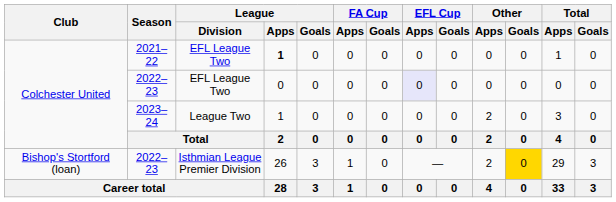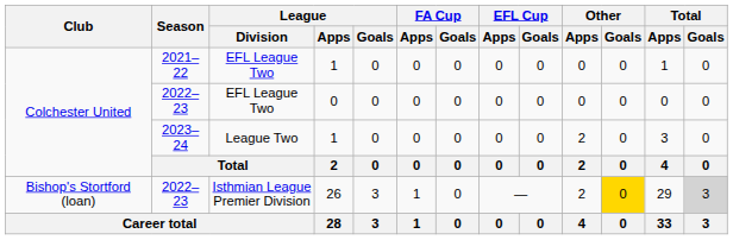 <table class="wikitable" style="text-align:center;">
 <tr>
 <th rowspan="2">Club</th>
 <th rowspan="2">Season</th>
 <th colspan="3">League</th>
 <th colspan="2"><a href='#'>FA Cup</a></th>
 <th colspan="2"><a href='#'>EFL Cup</a></th>
 <th colspan="2">Other</th>
 <th colspan="2">Total</th>
 </tr>
 <tr>
 <th>Division</th>
 <th>Apps</th>
 <th>Goals</th>
 <th>Apps</th>
 <th>Goals</th>
 <th>Apps</th>
 <th>Goals</th>
 <th>Apps</th>
 <th>Goals</th>
 <th>Apps</th>
 <th>Goals</th>
 </tr>
 <tr>
 <td rowspan="4"><a href='#'>Colchester United</a></td>
 <td><a href='#'>2021–22</a></td>
 <td><a href='#'>EFL League Two</a></td>
-<td><strong>1</strong></td>
+<td>1</td>
 <td>0</td>
 <td>0</td>
 <td>0</td>
 <td>0</td>
 <td>0</td>
 <td>0</td>
 <td>0</td>
 <td>1</td>
 <td>0</td>
 </tr>
 <tr>
 <td><a href='#'>2022–23</a></td>
 <td>EFL League Two</td>
 <td>0</td>
 <td>0</td>
 <td>0</td>
 <td>0</td>
-<td style="background: lavender;">0</td>
+<td>0</td>
 <td>0</td>
 <td>0</td>
 <td>0</td>
 <td>0</td>
 <td>0</td>
 </tr>
 <tr>
 <td><a href='#'>2023–24</a></td>
 <td>League Two</td>
 <td>1</td>
 <td>0</td>
 <td>0</td>
 <td>0</td>
 <td>0</td>
 <td>0</td>
 <td>2</td>
 <td>0</td>
 <td>3</td>
 <td>0</td>
 </tr>
 <tr>
 <th colspan="2">Total</th>
 <th>2</th>
 <th>0</th>
 <th>0</th>
 <th>0</th>
 <th>0</th>
 <th>0</th>
 <th>2</th>
 <th>0</th>
 <th>4</th>
 <th>0</th>
 </tr>
 <tr>
 <td><a href='#'>Bishop's Stortford</a> (loan)</td>
 <td><a href='#'>2022–23</a></td>
 <td><a href='#'>Isthmian League</a><br>Premier Division</td>
 <td>26</td>
 <td>3</td>
 <td>1</td>
 <td>0</td>
 <td colspan="2">—</td>
 <td>2</td>
 <td style="background: gold;">0</td>
 <td>29</td>
-<td>3</td>
+<td style="background: lightgrey;">3</td>
 </tr>
 <tr>
 <th colspan="3">Career total</th>
 <th>28</th>
 <th>3</th>
 <th>1</th>
 <th>0</th>
 <th>0</th>
 <th>0</th>
 <th>4</th>
 <th>0</th>
 <th>33</th>
 <th>3</th>
 </tr>
 </table>
